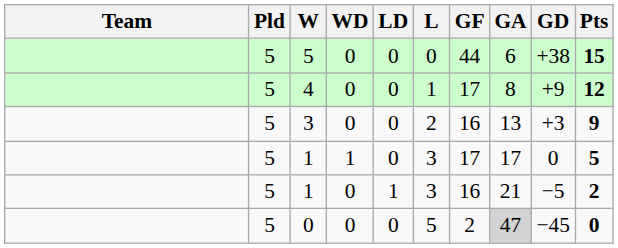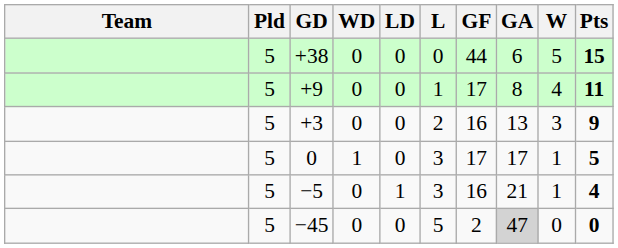 <table class="wikitable" style="text-align:center">
 <tr>
 <th width=175>Team</th>
 <th width=20>Pld</th>
-<th width=20>W</th>
+<th width=20>GD</th>
 <th width=20>WD</th>
 <th width=20>LD</th>
 <th width=20>L</th>
 <th width=20>GF</th>
 <th width=20>GA</th>
-<th width=20>GD</th>
+<th width=20>W</th>
 <th width=20>Pts</th>
 </tr>
 <tr bgcolor=ccffcc>
 <td align=left></td>
 <td>5</td>
-<td>5</td>
+<td>+38</td>
 <td>0</td>
 <td>0</td>
 <td>0</td>
 <td>44</td>
 <td>6</td>
-<td>+38</td>
+<td>5</td>
 <td><strong>15</strong></td>
 </tr>
 <tr bgcolor=ccffcc>
 <td align=left></td>
 <td>5</td>
-<td>4</td>
+<td>+9</td>
 <td>0</td>
 <td>0</td>
 <td>1</td>
 <td>17</td>
 <td>8</td>
-<td>+9</td>
-<td><strong>12</strong></td>
+<td>4</td>
+<td><strong>11</strong></td>
 </tr>
 <tr>
 <td align=left></td>
 <td>5</td>
-<td>3</td>
+<td>+3</td>
 <td>0</td>
 <td>0</td>
 <td>2</td>
 <td>16</td>
 <td>13</td>
-<td>+3</td>
+<td>3</td>
 <td><strong>9</strong></td>
 </tr>
 <tr>
 <td align=left></td>
 <td>5</td>
-<td>1</td>
+<td>0</td>
 <td>1</td>
 <td>0</td>
 <td>3</td>
 <td>17</td>
 <td>17</td>
-<td>0</td>
+<td>1</td>
 <td><strong>5</strong></td>
 </tr>
 <tr>
 <td align=left></td>
 <td>5</td>
-<td>1</td>
+<td>−5</td>
 <td>0</td>
 <td>1</td>
 <td>3</td>
 <td>16</td>
 <td>21</td>
-<td>−5</td>
-<td><strong>2</strong></td>
+<td>1</td>
+<td><strong>4</strong></td>
 </tr>
 <tr>
 <td align=left></td>
 <td>5</td>
-<td>0</td>
+<td>−45</td>
 <td>0</td>
 <td>0</td>
 <td>5</td>
 <td>2</td>
 <td style="background: lightgrey;">47</td>
-<td>−45</td>
+<td>0</td>
 <td><strong>0</strong></td>
 </tr>
 </table>
